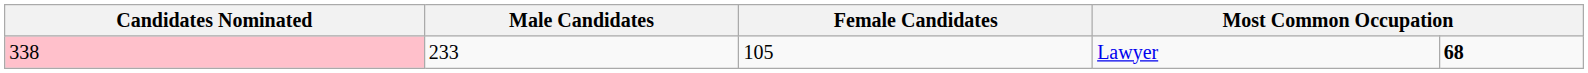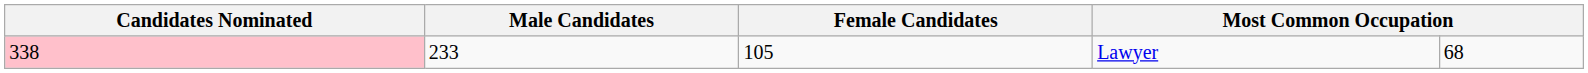 <table class="wikitable" width="100%">
 <tr>
 <th>Candidates Nominated</th>
 <th>Male Candidates</th>
 <th>Female Candidates</th>
 <th colspan="2">Most Common Occupation</th>
 </tr>
 <tr>
 <td style="background: pink;">338</td>
 <td>233</td>
 <td>105</td>
 <td><a href='#'>Lawyer</a></td>
-<td><strong>68</strong></td>
+<td>68</td>
 </tr>
 </table>
